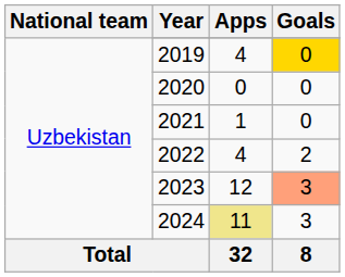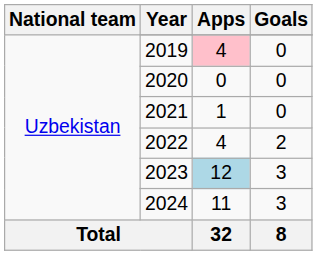 <table class="wikitable" style="text-align:center">
 <tr>
 <th>National team</th>
 <th>Year</th>
 <th>Apps</th>
 <th>Goals</th>
 </tr>
 <tr>
 <td rowspan="7"><a href='#'>Uzbekistan</a></td>
 </tr>
 <tr>
 <td>2019</td>
-<td>4</td>
-<td style="background: gold;">0</td>
+<td style="background: pink;">4</td>
+<td>0</td>
 </tr>
 <tr>
 <td>2020</td>
 <td>0</td>
 <td>0</td>
 </tr>
 <tr>
 <td>2021</td>
 <td>1</td>
 <td>0</td>
 </tr>
 <tr>
 <td>2022</td>
 <td>4</td>
 <td>2</td>
 </tr>
 <tr>
 <td>2023</td>
-<td>12</td>
-<td style="background: lightsalmon;">3</td>
+<td style="background: lightblue;">12</td>
+<td>3</td>
 </tr>
 <tr>
 <td>2024</td>
-<td style="background: khaki;">11</td>
+<td>11</td>
 <td>3</td>
 </tr>
 <tr>
 <th colspan="2">Total</th>
 <th>32</th>
 <th>8</th>
 </tr>
 </table>
